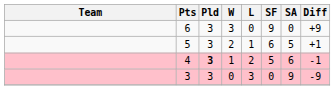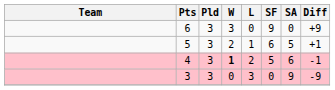 <table class=wikitable style="text-align:center">
 <tr>
 <th width=220>Team</th>
 <th width=20>Pts</th>
 <th width=20>Pld</th>
 <th width=20>W</th>
 <th width=20>L</th>
 <th width=20>SF</th>
 <th width=20>SA</th>
 <th width=20>Diff</th>
 </tr>
 <tr style="background: ccffcc">
 <td align=left></td>
 <td>6</td>
 <td>3</td>
 <td>3</td>
 <td>0</td>
 <td>9</td>
 <td>0</td>
 <td>+9</td>
 </tr>
 <tr style="background: ccffcc">
 <td align=left></td>
 <td>5</td>
 <td>3</td>
 <td>2</td>
 <td>1</td>
 <td>6</td>
 <td>5</td>
 <td>+1</td>
 </tr>
 <tr style="background: pink">
 <td align=left></td>
 <td>4</td>
-<td><strong>3</strong></td>
-<td>1</td>
+<td>3</td>
+<td><strong>1</strong></td>
 <td>2</td>
 <td>5</td>
 <td>6</td>
 <td>-1</td>
 </tr>
 <tr style="background: pink">
 <td align=left></td>
 <td>3</td>
 <td>3</td>
 <td>0</td>
 <td>3</td>
 <td>0</td>
 <td>9</td>
 <td>-9</td>
 </tr>
 <tr>
 </tr>
 </table>
